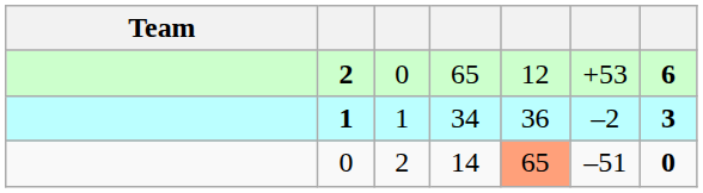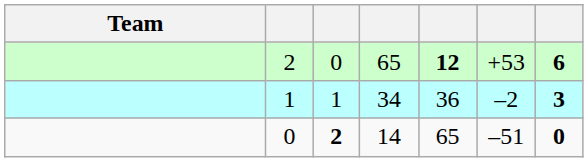 <table class="wikitable" style="text-align:center;">
 <tr>
 <th style="width:10.5em;">Team</th>
 <th style="width:1.5em;"></th>
 <th style="width:1.5em;"></th>
 <th style="width:2.0em;"></th>
 <th style="width:2.0em;"></th>
 <th style="width:2.0em;"></th>
 <th style="width:1.5em;"></th>
 </tr>
 <tr bgcolor=#cfc>
 <td align="left"></td>
-<td><strong>2</strong></td>
+<td>2</td>
 <td>0</td>
 <td>65</td>
-<td>12</td>
+<td><strong>12</strong></td>
 <td>+53</td>
 <td><strong>6</strong></td>
 </tr>
 <tr bgcolor=#bff>
 <td align="left"></td>
-<td><strong>1</strong></td>
+<td>1</td>
 <td>1</td>
 <td>34</td>
 <td>36</td>
 <td>–2</td>
 <td><strong>3</strong></td>
 </tr>
 <tr>
 <td align="left"></td>
 <td>0</td>
-<td>2</td>
+<td><strong>2</strong></td>
 <td>14</td>
-<td style="background: lightsalmon;">65</td>
+<td>65</td>
 <td>–51</td>
 <td><strong>0</strong></td>
 </tr>
 </table>
